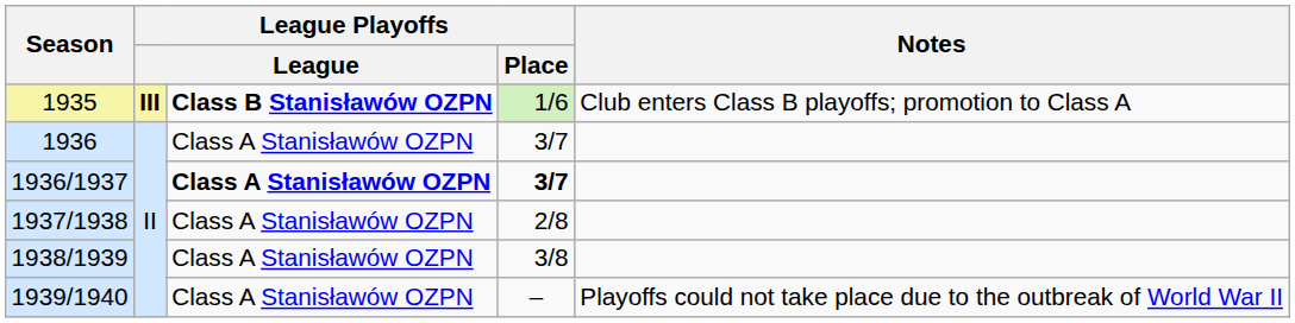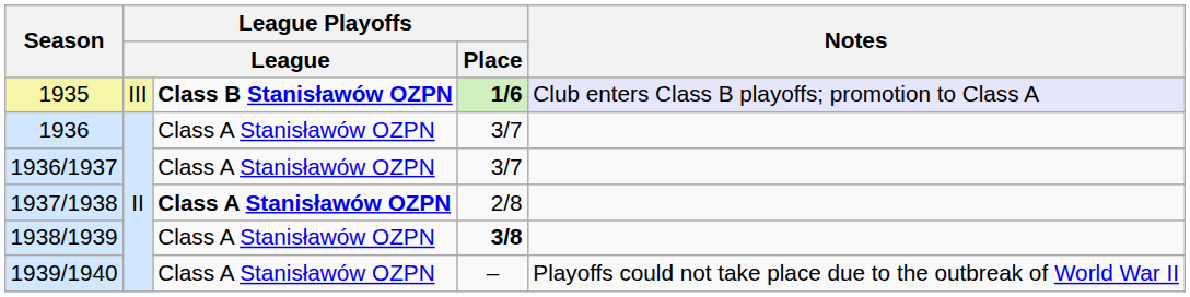 <table class="wikitable" style="text-align:center;font-size:90%">
 <tr>
 <th rowspan=2>Season</th>
 <th colspan=3>League Playoffs</th>
 <th rowspan=2>Notes</th>
 </tr>
 <tr>
 <th colspan=2>League</th>
 <th>Place</th>
 </tr>
 <tr>
 <td bgcolor=#f7f6a8>1935</td>
-<td bgcolor=#f7f6a8 rowspan=1><strong>III</strong></td>
+<td bgcolor=#f7f6a8 rowspan=1>III</td>
 <td style="text-align:left"><strong>Class B <a href='#'>Stanisławów OZPN</a></strong></td>
-<td style="text-align:right;background-color:#D0F0C0"> 1<span>/6</span></td>
-<td style="text-align:left">Club enters Class B playoffs; promotion to Class A</td>
+<td style="text-align:right;background-color:#D0F0C0"><strong> 1<span>/6</span></strong></td>
+<td style="background: lavender; text-align:left">Club enters Class B playoffs; promotion to Class A</td>
 </tr>
 <tr>
 <td bgcolor=#D0E7FF>1936</td>
 <td bgcolor=#D0E7FF rowspan=5>II</td>
 <td style="text-align:left">Class A <a href='#'>Stanisławów OZPN</a></td>
 <td style="text-align:right">3<span>/7</span></td>
 <td></td>
 </tr>
 <tr>
 <td bgcolor=#D0E7FF>1936/1937</td>
-<td style="text-align:left"><strong>Class A <a href='#'>Stanisławów OZPN</a></strong></td>
-<td style="text-align:right"><strong>3<span>/7</span></strong></td>
+<td style="text-align:left">Class A <a href='#'>Stanisławów OZPN</a></td>
+<td style="text-align:right">3<span>/7</span></td>
 <td></td>
 </tr>
 <tr>
 <td bgcolor=#D0E7FF>1937/1938</td>
-<td style="text-align:left">Class A <a href='#'>Stanisławów OZPN</a></td>
+<td style="text-align:left"><strong>Class A <a href='#'>Stanisławów OZPN</a></strong></td>
 <td style="text-align:right">2<span>/8</span></td>
 <td style="text-align:left"></td>
 </tr>
 <tr>
 <td bgcolor=#D0E7FF>1938/1939</td>
 <td style="text-align:left">Class A <a href='#'>Stanisławów OZPN</a></td>
-<td style="text-align:right">3<span>/8</span></td>
+<td style="text-align:right"><strong>3<span>/8</span></strong></td>
 <td style="text-align:left"></td>
 </tr>
 <tr>
 <td bgcolor=#D0E7FF>1939/1940</td>
 <td style="text-align:left">Class A <a href='#'>Stanisławów OZPN</a></td>
 <td style="text-align:centre">–</td>
 <td style="text-align:left">Playoffs could not take place due to the outbreak of <a href='#'>World War II</a></td>
 </tr>
 </table>
